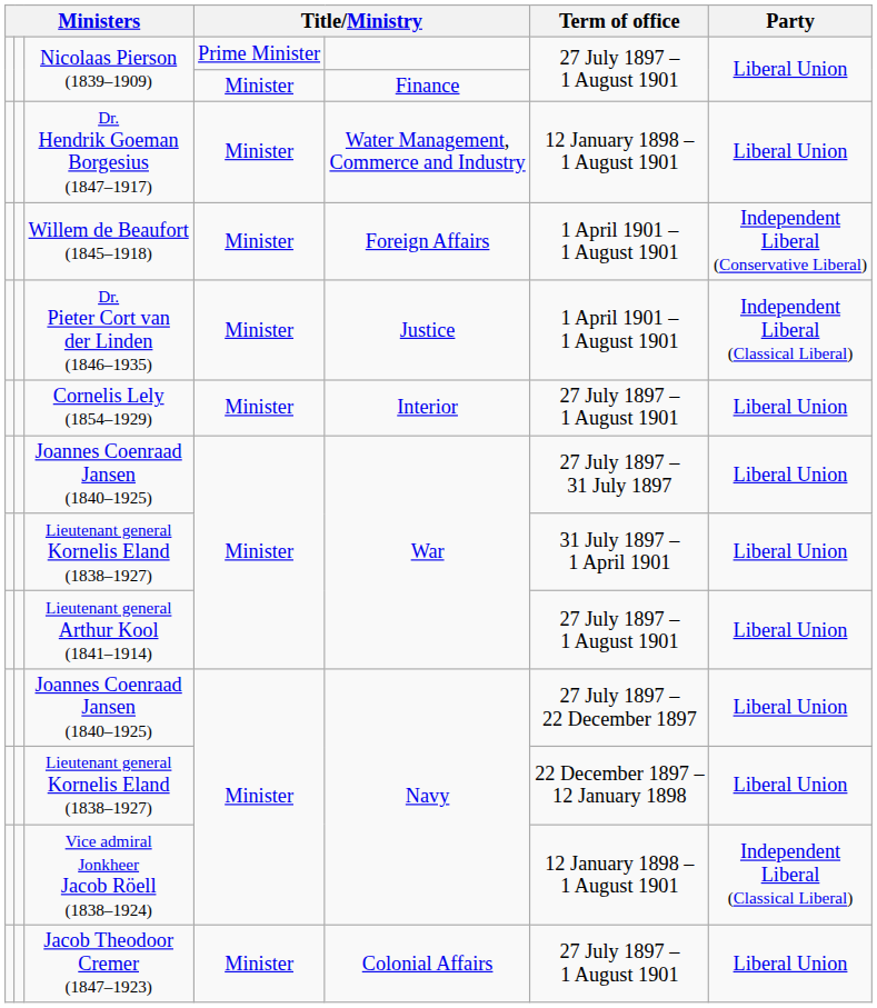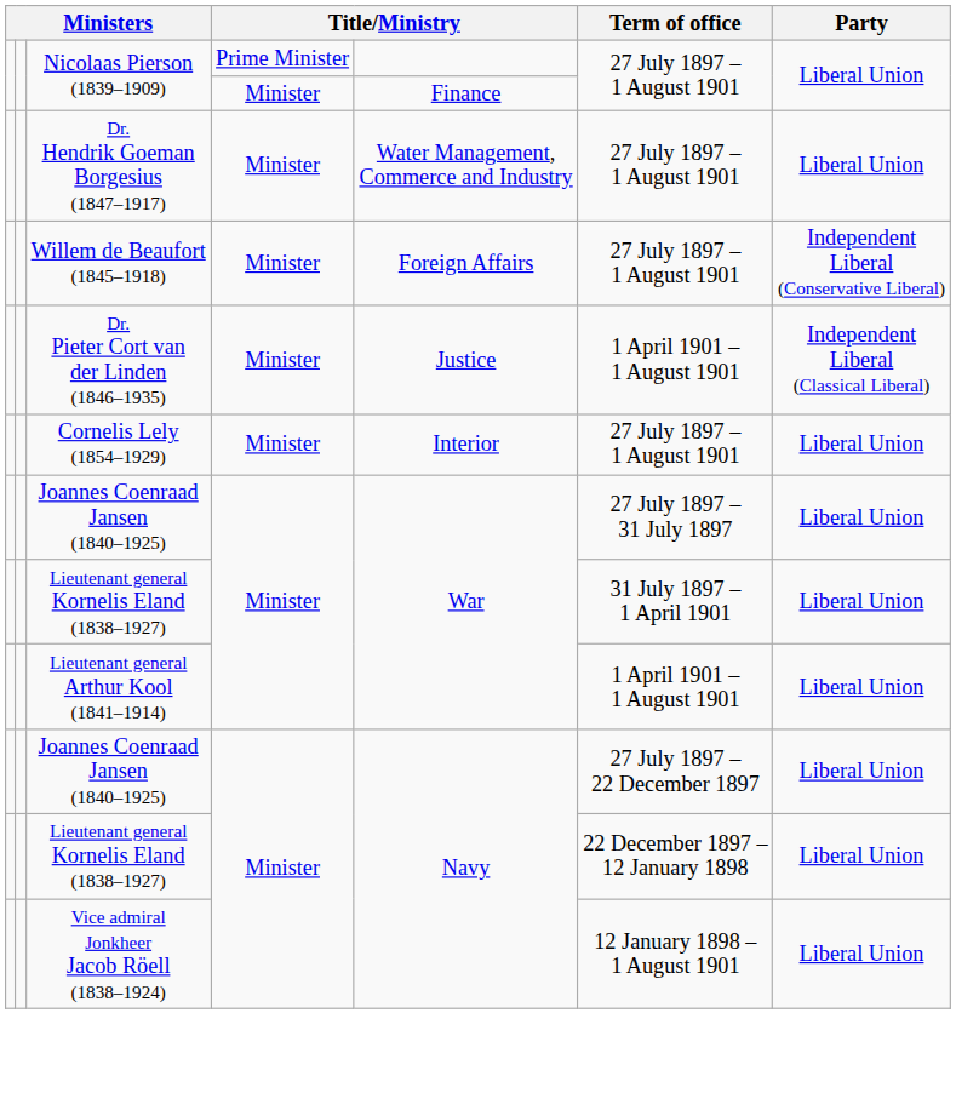 <table class="wikitable" style="text-align:center">
 <tr>
 <th colspan=3><a href='#'>Ministers</a></th>
 <th colspan=2>Title/<a href='#'>Ministry</a></th>
 <th>Term of office</th>
 <th>Party</th>
 </tr>
 <tr>
 <td rowspan=2 style="background:"></td>
 <td rowspan=2></td>
 <td rowspan=2><a href='#'>Nicolaas Pierson</a> <br> <small>(1839–1909)</small></td>
 <td><a href='#'>Prime Minister</a></td>
 <td></td>
 <td rowspan=2>27 July 1897 – <br> 1 August 1901</td>
 <td rowspan=2><a href='#'>Liberal Union</a></td>
 </tr>
 <tr>
 <td><a href='#'>Minister</a></td>
 <td><a href='#'>Finance</a></td>
 </tr>
 <tr>
 <td style="background:"></td>
 <td></td>
 <td><small><a href='#'>Dr.</a></small> <br> <a href='#'>Hendrik Goeman <br> Borgesius</a> <br> <small>(1847–1917)</small></td>
 <td><a href='#'>Minister</a></td>
 <td><a href='#'>Water Management</a>, <br> <a href='#'>Commerce and Industry</a></td>
-<td>12 January 1898 – <br> 1 August 1901</td>
+<td>27 July 1897 – <br> 1 August 1901</td>
 <td><a href='#'>Liberal Union</a></td>
 </tr>
 <tr>
 <td style="background:"></td>
 <td></td>
 <td><a href='#'>Willem de Beaufort</a> <br> <small>(1845–1918)</small></td>
 <td><a href='#'>Minister</a></td>
 <td><a href='#'>Foreign Affairs</a></td>
-<td>1 April 1901 – <br> 1 August 1901</td>
+<td>27 July 1897 – <br> 1 August 1901</td>
 <td><a href='#'>Independent <br> Liberal</a> <br> <small>(<a href='#'>Conservative Liberal</a>)</small></td>
 </tr>
 <tr>
 <td style="background:"></td>
 <td></td>
 <td><small><a href='#'>Dr.</a></small> <br> <a href='#'>Pieter Cort van <br> der Linden</a> <br> <small>(1846–1935)</small></td>
 <td><a href='#'>Minister</a></td>
 <td><a href='#'>Justice</a></td>
 <td>1 April 1901 – <br> 1 August 1901</td>
 <td><a href='#'>Independent <br> Liberal</a> <br> <small>(<a href='#'>Classical Liberal</a>)</small></td>
 </tr>
 <tr>
 <td style="background:"></td>
 <td></td>
 <td><a href='#'>Cornelis Lely</a> <br> <small>(1854–1929)</small></td>
 <td><a href='#'>Minister</a></td>
 <td><a href='#'>Interior</a></td>
 <td>27 July 1897 – <br> 1 August 1901</td>
 <td><a href='#'>Liberal Union</a></td>
 </tr>
 <tr>
 <td style="background:"></td>
 <td></td>
 <td><a href='#'>Joannes Coenraad <br> Jansen</a> <br> <small>(1840–1925)</small></td>
 <td rowspan=3><a href='#'>Minister</a></td>
 <td rowspan=3><a href='#'>War</a></td>
 <td>27 July 1897 – <br> 31 July 1897 <br> </td>
 <td><a href='#'>Liberal Union</a></td>
 </tr>
 <tr>
 <td style="background:"></td>
 <td></td>
 <td><small><a href='#'>Lieutenant general</a></small> <br> <a href='#'>Kornelis Eland</a> <br> <small>(1838–1927)</small></td>
 <td>31 July 1897 – <br> 1 April 1901 <br> </td>
 <td><a href='#'>Liberal Union</a></td>
 </tr>
 <tr>
 <td style="background:"></td>
 <td></td>
 <td><small><a href='#'>Lieutenant general</a></small> <br> <a href='#'>Arthur Kool</a> <br> <small>(1841–1914)</small></td>
-<td>27 July 1897 – <br> 1 August 1901</td>
+<td>1 April 1901 – <br> 1 August 1901</td>
 <td><a href='#'>Liberal Union</a></td>
 </tr>
 <tr>
 <td style="background:"></td>
 <td></td>
 <td><a href='#'>Joannes Coenraad <br> Jansen</a> <br> <small>(1840–1925)</small></td>
 <td rowspan=3><a href='#'>Minister</a></td>
 <td rowspan=3><a href='#'>Navy</a></td>
 <td>27 July 1897 – <br> 22 December 1897 <br> </td>
 <td><a href='#'>Liberal Union</a></td>
 </tr>
 <tr>
 <td style="background:"></td>
 <td></td>
 <td><small><a href='#'>Lieutenant general</a></small> <br> <a href='#'>Kornelis Eland</a> <br> <small>(1838–1927)</small></td>
 <td>22 December 1897 – <br> 12 January 1898 <br> </td>
 <td><a href='#'>Liberal Union</a></td>
 </tr>
 <tr>
 <td style="background:"></td>
 <td></td>
 <td><small><a href='#'>Vice admiral</a></small> <br> <small><a href='#'>Jonkheer</a></small> <br> <a href='#'>Jacob Röell</a> <br> <small>(1838–1924)</small></td>
 <td>12 January 1898 – <br> 1 August 1901</td>
-<td><a href='#'>Independent <br> Liberal</a> <br> <small>(<a href='#'>Classical Liberal</a>)</small></td>
-</tr>
-<tr>
-<td style="background:"></td>
-<td></td>
-<td><a href='#'>Jacob Theodoor <br> Cremer</a> <br> <small>(1847–1923)</small></td>
-<td><a href='#'>Minister</a></td>
-<td><a href='#'>Colonial Affairs</a></td>
-<td>27 July 1897 – <br> 1 August 1901</td>
 <td><a href='#'>Liberal Union</a></td>
 </tr>
 </table>
